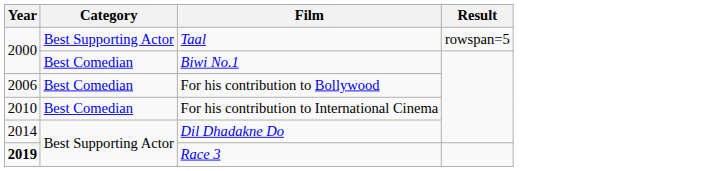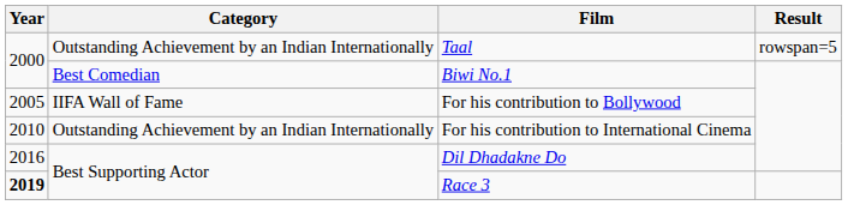 <table class="wikitable sortable">
 <tr>
 <th>Year</th>
 <th>Category</th>
 <th>Film</th>
 <th>Result</th>
 </tr>
 <tr>
 <td rowspan="2">2000</td>
-<td><a href='#'>Best Supporting Actor</a></td>
+<td>Outstanding Achievement by an Indian Internationally</td>
 <td><em><a href='#'>Taal</a></em></td>
 <td>rowspan=5 </td>
 </tr>
 <tr>
 <td><a href='#'>Best Comedian</a></td>
 <td><em><a href='#'>Biwi No.1</a></em></td>
 </tr>
 <tr>
-<td>2006</td>
-<td><a href='#'>Best Comedian</a></td>
+<td>2005</td>
+<td>IIFA Wall of Fame</td>
 <td>For his contribution to <a href='#'>Bollywood</a></td>
 </tr>
 <tr>
 <td>2010</td>
-<td><a href='#'>Best Comedian</a></td>
+<td>Outstanding Achievement by an Indian Internationally</td>
 <td>For his contribution to International Cinema</td>
 </tr>
 <tr>
-<td>2014</td>
+<td>2016</td>
 <td rowspan="2">Best Supporting Actor</td>
 <td><em><a href='#'>Dil Dhadakne Do</a></em></td>
 </tr>
 <tr>
 <td><strong>2019</strong></td>
 <td><em><a href='#'>Race 3</a></em></td>
 <td></td>
 </tr>
 </table>
